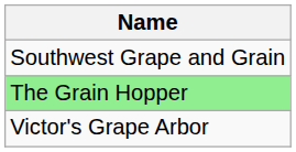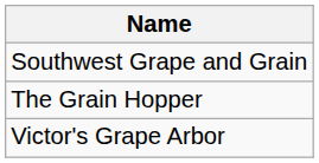 <table class="wikitable">
 <tr>
 <th>Name</th>
 </tr>
 <tr>
 <td>Southwest Grape and Grain</td>
 </tr>
 <tr>
-<td style="background: lightgreen;">The Grain Hopper</td>
+<td>The Grain Hopper</td>
 </tr>
 <tr>
 <td>Victor's Grape Arbor</td>
 </tr>
 </table>
